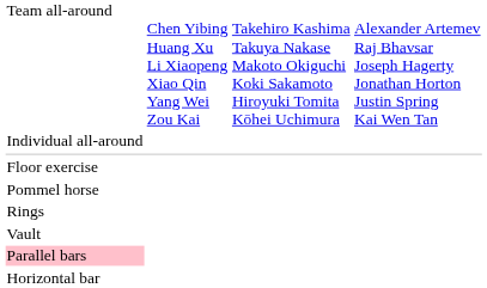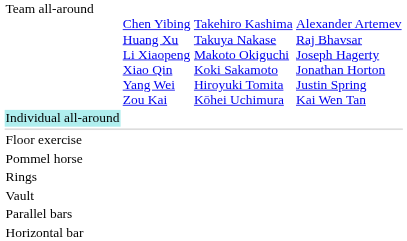 <table>
 <tr valign="top">
 <td>Team all-around<br></td>
 <td><br><a href='#'>Chen Yibing</a><br><a href='#'>Huang Xu</a><br><a href='#'>Li Xiaopeng</a><br><a href='#'>Xiao Qin</a><br><a href='#'>Yang Wei</a><br><a href='#'>Zou Kai</a></td>
 <td><br><a href='#'>Takehiro Kashima</a><br><a href='#'>Takuya Nakase</a><br><a href='#'>Makoto Okiguchi</a><br><a href='#'>Koki Sakamoto</a><br><a href='#'>Hiroyuki Tomita</a><br><a href='#'>Kōhei Uchimura</a></td>
 <td><br><a href='#'>Alexander Artemev</a><br><a href='#'>Raj Bhavsar</a><br><a href='#'>Joseph Hagerty</a><br><a href='#'>Jonathan Horton</a><br><a href='#'>Justin Spring</a><br><a href='#'>Kai Wen Tan</a></td>
 </tr>
 <tr valign="top">
-<td>Individual all-around<br></td>
+<td style="background: paleturquoise;">Individual all-around<br></td>
 <td></td>
 <td></td>
 <td></td>
 </tr>
 <tr bgcolor=#DDDDDD>
 <td colspan=7></td>
 </tr>
 <tr>
 <td>Floor exercise<br></td>
 <td></td>
 <td></td>
 <td></td>
 </tr>
 <tr>
 <td>Pommel horse<br></td>
 <td></td>
 <td></td>
 <td></td>
 </tr>
 <tr>
 <td>Rings<br></td>
 <td></td>
 <td></td>
 <td></td>
 </tr>
 <tr>
 <td>Vault<br></td>
 <td></td>
 <td></td>
 <td></td>
 </tr>
 <tr>
-<td style="background: pink;">Parallel bars<br></td>
+<td>Parallel bars<br></td>
 <td></td>
 <td></td>
 <td></td>
 </tr>
 <tr>
 <td>Horizontal bar<br></td>
 <td></td>
 <td></td>
 <td></td>
 </tr>
 </table>
